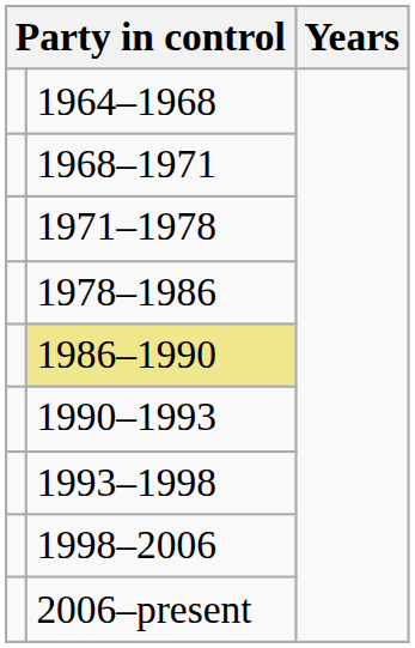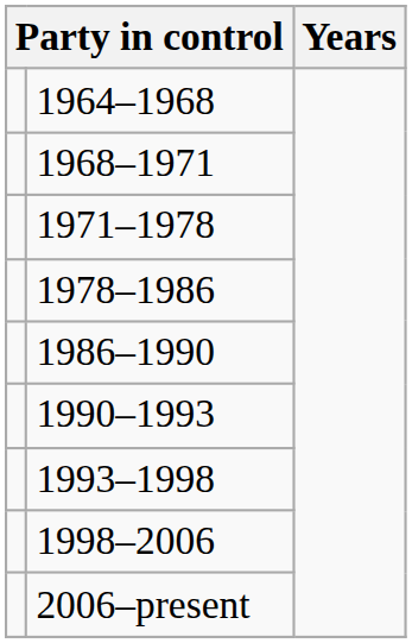 <table class="wikitable">
 <tr>
 <th colspan=2>Party in control</th>
 <th>Years</th>
 </tr>
 <tr>
 <td></td>
 <td>1964–1968</td>
 </tr>
 <tr>
 <td></td>
 <td>1968–1971</td>
 </tr>
 <tr>
 <td></td>
 <td>1971–1978</td>
 </tr>
 <tr>
 <td></td>
 <td>1978–1986</td>
 </tr>
 <tr>
 <td></td>
-<td style="background: khaki;">1986–1990</td>
+<td>1986–1990</td>
 </tr>
 <tr>
 <td></td>
 <td>1990–1993</td>
 </tr>
 <tr>
 <td></td>
 <td>1993–1998</td>
 </tr>
 <tr>
 <td></td>
 <td>1998–2006</td>
 </tr>
 <tr>
 <td></td>
 <td>2006–present</td>
 </tr>
 </table>
